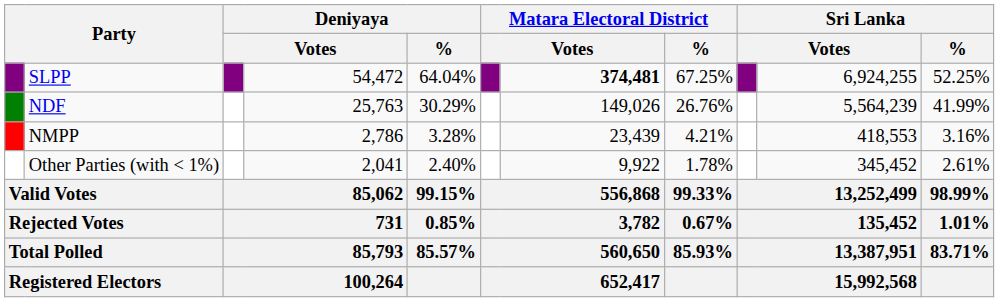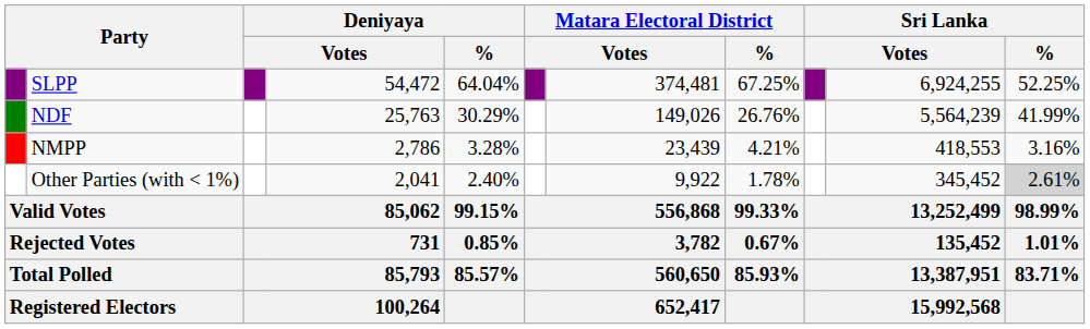 <table class="wikitable">
 <tr>
 <th colspan="2" width="144px"rowspan="2">Party</th>
 <th colspan="3" width="216px">Deniyaya</th>
 <th colspan="3" width="216px"><a href='#'>Matara Electoral District</a></th>
 <th colspan="3" width="216px">Sri Lanka</th>
 </tr>
 <tr>
 <th colspan="2" width="144px">Votes</th>
 <th>%</th>
 <th colspan="2" width="144px">Votes</th>
 <th>%</th>
 <th colspan="2" width="144px">Votes</th>
 <th>%</th>
 </tr>
 <tr>
 <td style="background-color:purple;" width="10px"></td>
 <td style="text-align:left;"><a href='#'>SLPP</a></td>
 <td style="background-color:purple;" width="10px"></td>
 <td style="text-align:right;">54,472</td>
 <td style="text-align:right;">64.04%</td>
 <td style="background-color:purple;" width="10px"></td>
-<td style="text-align:right;"><strong>374,481</strong></td>
+<td style="text-align:right;">374,481</td>
 <td style="text-align:right;">67.25%</td>
 <td style="background-color:purple;" width="10px"></td>
 <td style="text-align:right;">6,924,255</td>
 <td style="text-align:right;">52.25%</td>
 </tr>
 <tr>
 <td style="background-color:green;" width="10px"></td>
 <td style="text-align:left;"><a href='#'>NDF</a></td>
 <td style="background-color:white;" width="10px"></td>
 <td style="text-align:right;">25,763</td>
 <td style="text-align:right;">30.29%</td>
 <td style="background-color:white;" width="10px"></td>
 <td style="text-align:right;">149,026</td>
 <td style="text-align:right;">26.76%</td>
 <td style="background-color:white;" width="10px"></td>
 <td style="text-align:right;">5,564,239</td>
 <td style="text-align:right;">41.99%</td>
 </tr>
 <tr>
 <td style="background-color:red;" width="10px"></td>
 <td style="text-align:left;">NMPP</td>
 <td style="background-color:white;" width="10px"></td>
 <td style="text-align:right;">2,786</td>
 <td style="text-align:right;">3.28%</td>
 <td style="background-color:white;" width="10px"></td>
 <td style="text-align:right;">23,439</td>
 <td style="text-align:right;">4.21%</td>
 <td style="background-color:white;" width="10px"></td>
 <td style="text-align:right;">418,553</td>
 <td style="text-align:right;">3.16%</td>
 </tr>
 <tr>
 <td style="background-color:white;" width="10px"></td>
 <td style="text-align:left;">Other Parties (with < 1%)</td>
 <td style="background-color:white;" width="10px"></td>
 <td style="text-align:right;">2,041</td>
 <td style="text-align:right;">2.40%</td>
 <td style="background-color:white;" width="10px"></td>
 <td style="text-align:right;">9,922</td>
 <td style="text-align:right;">1.78%</td>
 <td style="background-color:white;" width="10px"></td>
 <td style="text-align:right;">345,452</td>
-<td style="text-align:right;">2.61%</td>
+<td style="background: lightgrey; text-align:right;">2.61%</td>
 </tr>
 <tr>
 <th colspan="2" width="144px"style="text-align:left;">Valid Votes</th>
 <th style="text-align:right;"colspan="2" width="144px">85,062</th>
 <th style="text-align:right;">99.15%</th>
 <th style="text-align:right;"colspan="2" width="144px">556,868</th>
 <th style="text-align:right;">99.33%</th>
 <th style="text-align:right;"colspan="2" width="144px">13,252,499</th>
 <th style="text-align:right;">98.99%</th>
 </tr>
 <tr>
 <th colspan="2" width="144px"style="text-align:left;">Rejected Votes</th>
 <th style="text-align:right;"colspan="2" width="144px">731</th>
 <th style="text-align:right;">0.85%</th>
 <th style="text-align:right;"colspan="2" width="144px">3,782</th>
 <th style="text-align:right;">0.67%</th>
 <th style="text-align:right;"colspan="2" width="144px">135,452</th>
 <th style="text-align:right;">1.01%</th>
 </tr>
 <tr>
 <th colspan="2" width="144px"style="text-align:left;">Total Polled</th>
 <th style="text-align:right;"colspan="2" width="144px">85,793</th>
 <th style="text-align:right;">85.57%</th>
 <th style="text-align:right;"colspan="2" width="144px">560,650</th>
 <th style="text-align:right;">85.93%</th>
 <th style="text-align:right;"colspan="2" width="144px">13,387,951</th>
 <th style="text-align:right;">83.71%</th>
 </tr>
 <tr>
 <th colspan="2" width="144px"style="text-align:left;">Registered Electors</th>
 <th style="text-align:right;"colspan="2" width="144px">100,264</th>
 <th></th>
 <th style="text-align:right;"colspan="2" width="144px">652,417</th>
 <th></th>
 <th style="text-align:right;"colspan="2" width="144px">15,992,568</th>
 <th></th>
 </tr>
 </table>
